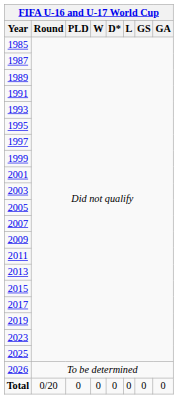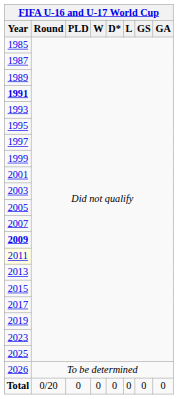 <table class="wikitable" style="text-align: center;">
 <tr>
 <th colspan=8><a href='#'>FIFA U-16 and U-17 World Cup</a></th>
 </tr>
 <tr>
 <th>Year</th>
 <th>Round</th>
 <th>PLD</th>
 <th>W</th>
 <th>D*</th>
 <th>L</th>
 <th>GS</th>
 <th>GA</th>
 </tr>
 <tr>
 <td> <a href='#'>1985</a></td>
 <td colspan=7 rowspan=20><em>Did not qualify</em></td>
 </tr>
 <tr>
 <td> <a href='#'>1987</a></td>
 </tr>
 <tr>
 <td> <a href='#'>1989</a></td>
 </tr>
 <tr>
-<td> <a href='#'>1991</a></td>
+<td><strong> <a href='#'>1991</a></strong></td>
 </tr>
 <tr>
 <td> <a href='#'>1993</a></td>
 </tr>
 <tr>
 <td> <a href='#'>1995</a></td>
 </tr>
 <tr>
 <td> <a href='#'>1997</a></td>
 </tr>
 <tr>
 <td> <a href='#'>1999</a></td>
 </tr>
 <tr>
 <td> <a href='#'>2001</a></td>
 </tr>
 <tr>
 <td> <a href='#'>2003</a></td>
 </tr>
 <tr>
 <td> <a href='#'>2005</a></td>
 </tr>
 <tr>
 <td> <a href='#'>2007</a></td>
 </tr>
 <tr>
-<td> <a href='#'>2009</a></td>
+<td><strong> <a href='#'>2009</a></strong></td>
 </tr>
 <tr>
-<td> <a href='#'>2011</a></td>
+<td style="background: lightyellow;"> <a href='#'>2011</a></td>
 </tr>
 <tr>
 <td> <a href='#'>2013</a></td>
 </tr>
 <tr>
 <td> <a href='#'>2015</a></td>
 </tr>
 <tr>
 <td> <a href='#'>2017</a></td>
 </tr>
 <tr>
 <td> <a href='#'>2019</a></td>
 </tr>
 <tr>
 <td> <a href='#'>2023</a></td>
 </tr>
 <tr>
 <td> <a href='#'>2025</a></td>
 </tr>
 <tr>
 <td> <a href='#'>2026</a></td>
 <td colspan=7><em>To be determined</em></td>
 </tr>
 <tr>
 <td><strong>Total</strong></td>
 <td>0/20</td>
 <td>0</td>
 <td>0</td>
 <td>0</td>
 <td>0</td>
 <td>0</td>
 <td>0</td>
 </tr>
 </table>
